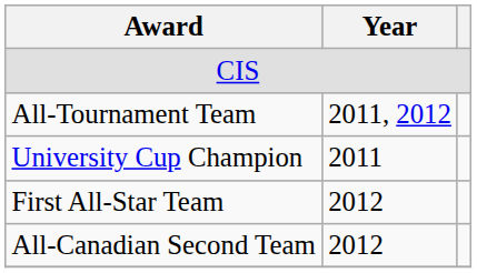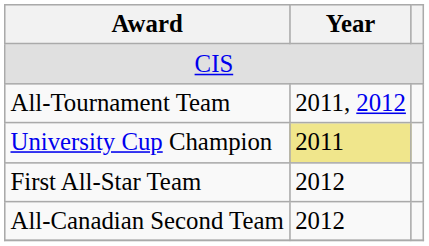 <table class="wikitable">
 <tr>
 <th>Award</th>
 <th>Year</th>
 <th></th>
 </tr>
 <tr ALIGN="center" bgcolor="#e0e0e0">
 <td colspan="3"><a href='#'>CIS</a></td>
 </tr>
 <tr>
 <td>All-Tournament Team</td>
 <td>2011, <a href='#'>2012</a></td>
 <td></td>
 </tr>
 <tr>
 <td><a href='#'>University Cup</a> Champion</td>
-<td>2011</td>
+<td style="background: khaki;">2011</td>
 <td></td>
 </tr>
 <tr>
 <td>First All-Star Team</td>
 <td>2012</td>
 <td></td>
 </tr>
 <tr>
 <td>All-Canadian Second Team</td>
 <td>2012</td>
 <td></td>
 </tr>
 <tr>
 </tr>
 </table>
